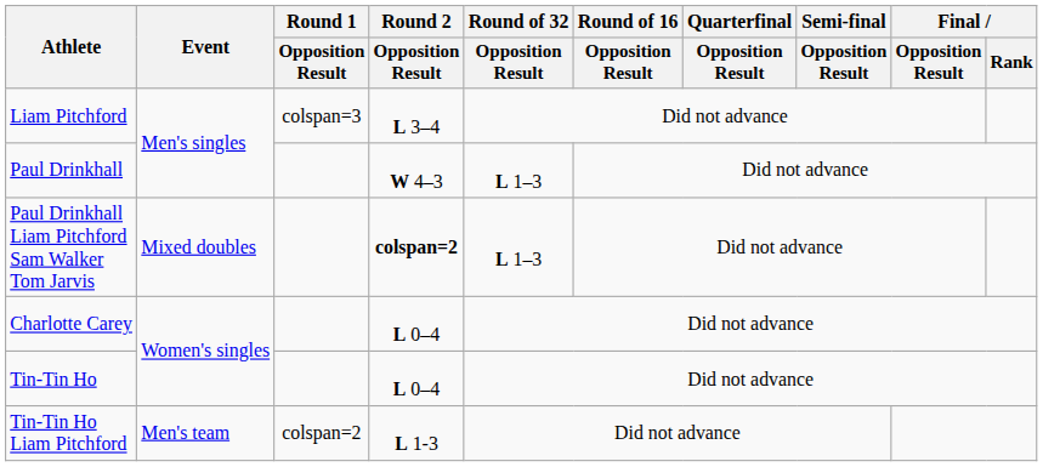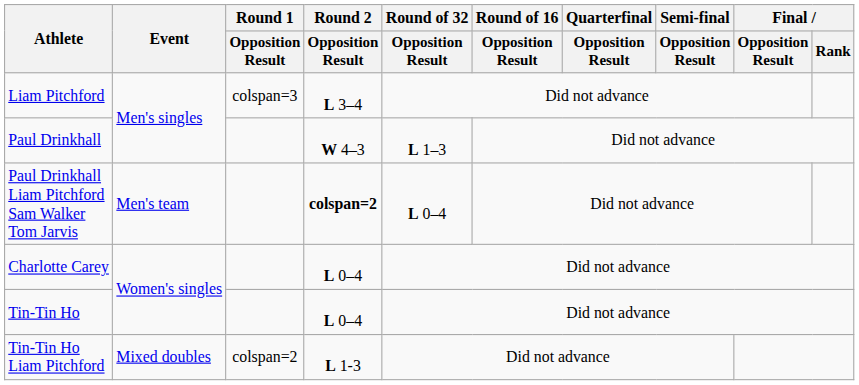 <table class=wikitable style=font-size:90%;text-align:center>
 <tr>
 <th rowspan=2>Athlete</th>
 <th rowspan=2>Event</th>
 <th>Round 1</th>
 <th>Round 2</th>
 <th>Round of 32</th>
 <th>Round of 16</th>
 <th>Quarterfinal</th>
 <th>Semi-final</th>
 <th colspan=2>Final / </th>
 </tr>
 <tr style=font-size:95%>
 <th>Opposition<br>Result</th>
 <th>Opposition<br>Result</th>
 <th>Opposition<br>Result</th>
 <th>Opposition<br>Result</th>
 <th>Opposition<br>Result</th>
 <th>Opposition<br>Result</th>
 <th>Opposition<br>Result</th>
 <th>Rank</th>
 </tr>
 <tr>
 <td align=left><a href='#'>Liam Pitchford</a></td>
 <td align=left rowspan=2><a href='#'>Men's singles</a></td>
 <td>colspan=3 </td>
 <td><br><strong>L</strong> 3–4</td>
 <td colspan=5>Did not advance</td>
 </tr>
 <tr>
 <td align=left><a href='#'>Paul Drinkhall</a></td>
 <td></td>
 <td><br><strong>W</strong> 4–3</td>
 <td><br><strong>L</strong> 1–3</td>
 <td colspan=5>Did not advance</td>
 </tr>
 <tr>
 <td align=left><a href='#'>Paul Drinkhall</a><br><a href='#'>Liam Pitchford</a><br><a href='#'>Sam Walker</a><br><a href='#'>Tom Jarvis</a></td>
-<td align=left><a href='#'>Mixed doubles</a></td>
+<td align=left><a href='#'>Men's team</a></td>
 <td></td>
 <td><strong>colspan=2 </strong></td>
-<td><br><strong>L</strong> 1–3</td>
+<td><br><strong>L</strong> 0–4</td>
 <td colspan=4>Did not advance</td>
 </tr>
 <tr>
 <td align=left><a href='#'>Charlotte Carey</a></td>
 <td align=left rowspan=2><a href='#'>Women's singles</a></td>
 <td></td>
 <td><br><strong>L</strong> 0–4</td>
 <td colspan=6>Did not advance</td>
 </tr>
 <tr>
 <td align=left><a href='#'>Tin-Tin Ho</a></td>
 <td></td>
 <td><br><strong>L</strong> 0–4</td>
 <td colspan=6>Did not advance</td>
 </tr>
 <tr>
 <td align=left><a href='#'>Tin-Tin Ho</a><br><a href='#'>Liam Pitchford</a></td>
-<td align=left><a href='#'>Men's team</a></td>
+<td align=left><a href='#'>Mixed doubles</a></td>
 <td>colspan=2 </td>
 <td><br><strong>L</strong> 1-3</td>
 <td colspan=4>Did not advance</td>
 </tr>
 </table>
